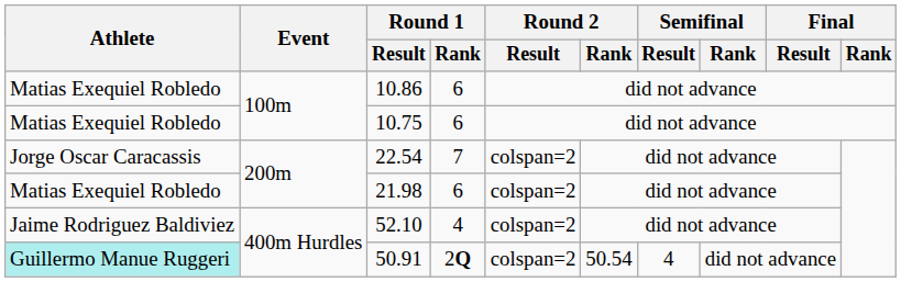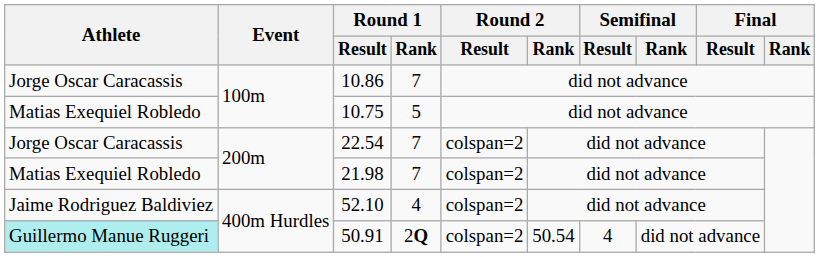 <table class="wikitable" style="font-size:90%">
 <tr>
 <th rowspan="2">Athlete</th>
 <th rowspan="2">Event</th>
 <th colspan="2">Round 1</th>
 <th colspan="2">Round 2</th>
 <th colspan="2">Semifinal</th>
 <th colspan="2">Final</th>
 </tr>
 <tr style="font-size:95%">
 <th>Result</th>
 <th>Rank</th>
 <th>Result</th>
 <th>Rank</th>
 <th>Result</th>
 <th>Rank</th>
 <th>Result</th>
 <th>Rank</th>
 </tr>
 <tr align=center>
-<td align=left>Matias Exequiel Robledo</td>
+<td align=left>Jorge Oscar Caracassis</td>
 <td align=left rowspan=2>100m</td>
 <td>10.86</td>
-<td>6</td>
+<td>7</td>
 <td colspan=6>did not advance</td>
 </tr>
 <tr align=center>
 <td align=left>Matias Exequiel Robledo</td>
 <td>10.75</td>
-<td>6</td>
+<td>5</td>
 <td colspan=6>did not advance</td>
 </tr>
 <tr align=center>
 <td align=left>Jorge Oscar Caracassis</td>
 <td align=left rowspan=2>200m</td>
 <td>22.54</td>
 <td>7</td>
 <td>colspan=2 </td>
 <td colspan=4>did not advance</td>
 </tr>
 <tr align=center>
 <td align=left>Matias Exequiel Robledo</td>
 <td>21.98</td>
-<td>6</td>
+<td>7</td>
 <td>colspan=2 </td>
 <td colspan=4>did not advance</td>
 </tr>
 <tr align=center>
 <td align=left>Jaime Rodriguez Baldiviez</td>
 <td align=left rowspan=2>400m Hurdles</td>
 <td>52.10</td>
 <td>4</td>
 <td>colspan=2 </td>
 <td colspan=4>did not advance</td>
 </tr>
 <tr align=center>
 <td align=left style="background: paleturquoise;">Guillermo Manue Ruggeri</td>
 <td>50.91</td>
 <td>2<strong>Q</strong></td>
 <td>colspan=2 </td>
 <td>50.54</td>
 <td>4</td>
 <td colspan=2>did not advance</td>
 </tr>
 </table>
